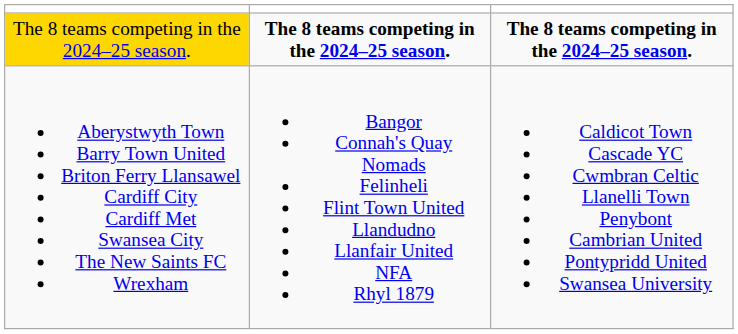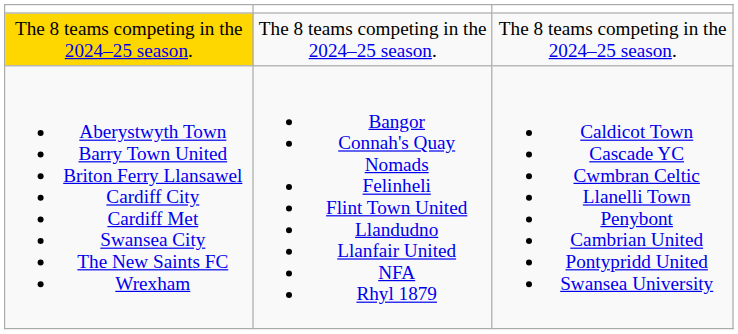 <table class="wikitable" style="text-align:center"color>
 <tr>
 <th style="background:#FFFFFF; color:#C8102C; "></th>
 <th style="background:#FFFFFF; color:#C8102C; "></th>
 <th style="background:#FFFFFF; color:#C8102C; "></th>
 </tr>
 <tr>
 <td style="background: gold;">The 8 teams competing in the <a href='#'>2024–25 season</a>.</td>
-<td><strong>The 8 teams competing in the <a href='#'>2024–25 season</a>.</strong></td>
-<td><strong>The 8 teams competing in the <a href='#'>2024–25 season</a>.</strong></td>
+<td>The 8 teams competing in the <a href='#'>2024–25 season</a>.</td>
+<td>The 8 teams competing in the <a href='#'>2024–25 season</a>.</td>
 </tr>
 <tr>
 <td><br><ul><li><a href='#'>Aberystwyth Town</a></li><li><a href='#'>Barry Town United</a></li><li><a href='#'>Briton Ferry Llansawel</a></li><li><a href='#'>Cardiff City</a></li><li><a href='#'>Cardiff Met</a></li><li><a href='#'>Swansea City</a></li><li><a href='#'>The New Saints FC</a></li><li><a href='#'>Wrexham</a></li></ul></td>
 <td><br><ul><li><a href='#'>Bangor</a></li><li><a href='#'>Connah's Quay Nomads</a></li><li><a href='#'>Felinheli</a></li><li><a href='#'>Flint Town United</a></li><li><a href='#'>Llandudno</a></li><li><a href='#'>Llanfair United</a></li><li><a href='#'>NFA</a></li><li><a href='#'>Rhyl 1879</a></li></ul></td>
 <td><br><ul><li><a href='#'>Caldicot Town</a></li><li><a href='#'>Cascade YC</a></li><li><a href='#'>Cwmbran Celtic</a></li><li><a href='#'>Llanelli Town</a></li><li><a href='#'>Penybont</a></li><li><a href='#'>Cambrian United</a></li><li><a href='#'>Pontypridd United</a></li><li><a href='#'>Swansea University</a></li></ul></td>
 </tr>
 </table>
